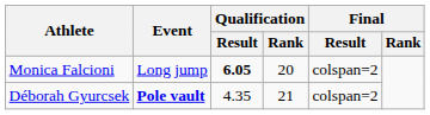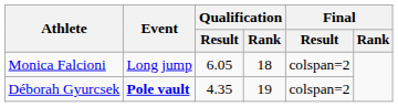 <table class=wikitable style=font-size:90%;text-align:center>
 <tr>
 <th rowspan=2>Athlete</th>
 <th rowspan=2>Event</th>
 <th colspan=2>Qualification</th>
 <th colspan=2>Final</th>
 </tr>
 <tr style=font-size:95%>
 <th>Result</th>
 <th>Rank</th>
 <th>Result</th>
 <th>Rank</th>
 </tr>
 <tr>
 <td align=left><a href='#'>Monica Falcioni</a></td>
 <td align=left><a href='#'>Long jump</a></td>
-<td><strong>6.05</strong></td>
-<td>20</td>
+<td>6.05</td>
+<td>18</td>
 <td>colspan=2 </td>
 </tr>
 <tr>
 <td align=left><a href='#'>Déborah Gyurcsek</a></td>
 <td align=left><strong><a href='#'>Pole vault</a></strong></td>
 <td>4.35</td>
-<td>21</td>
+<td>19</td>
 <td>colspan=2 </td>
 </tr>
 </table>
